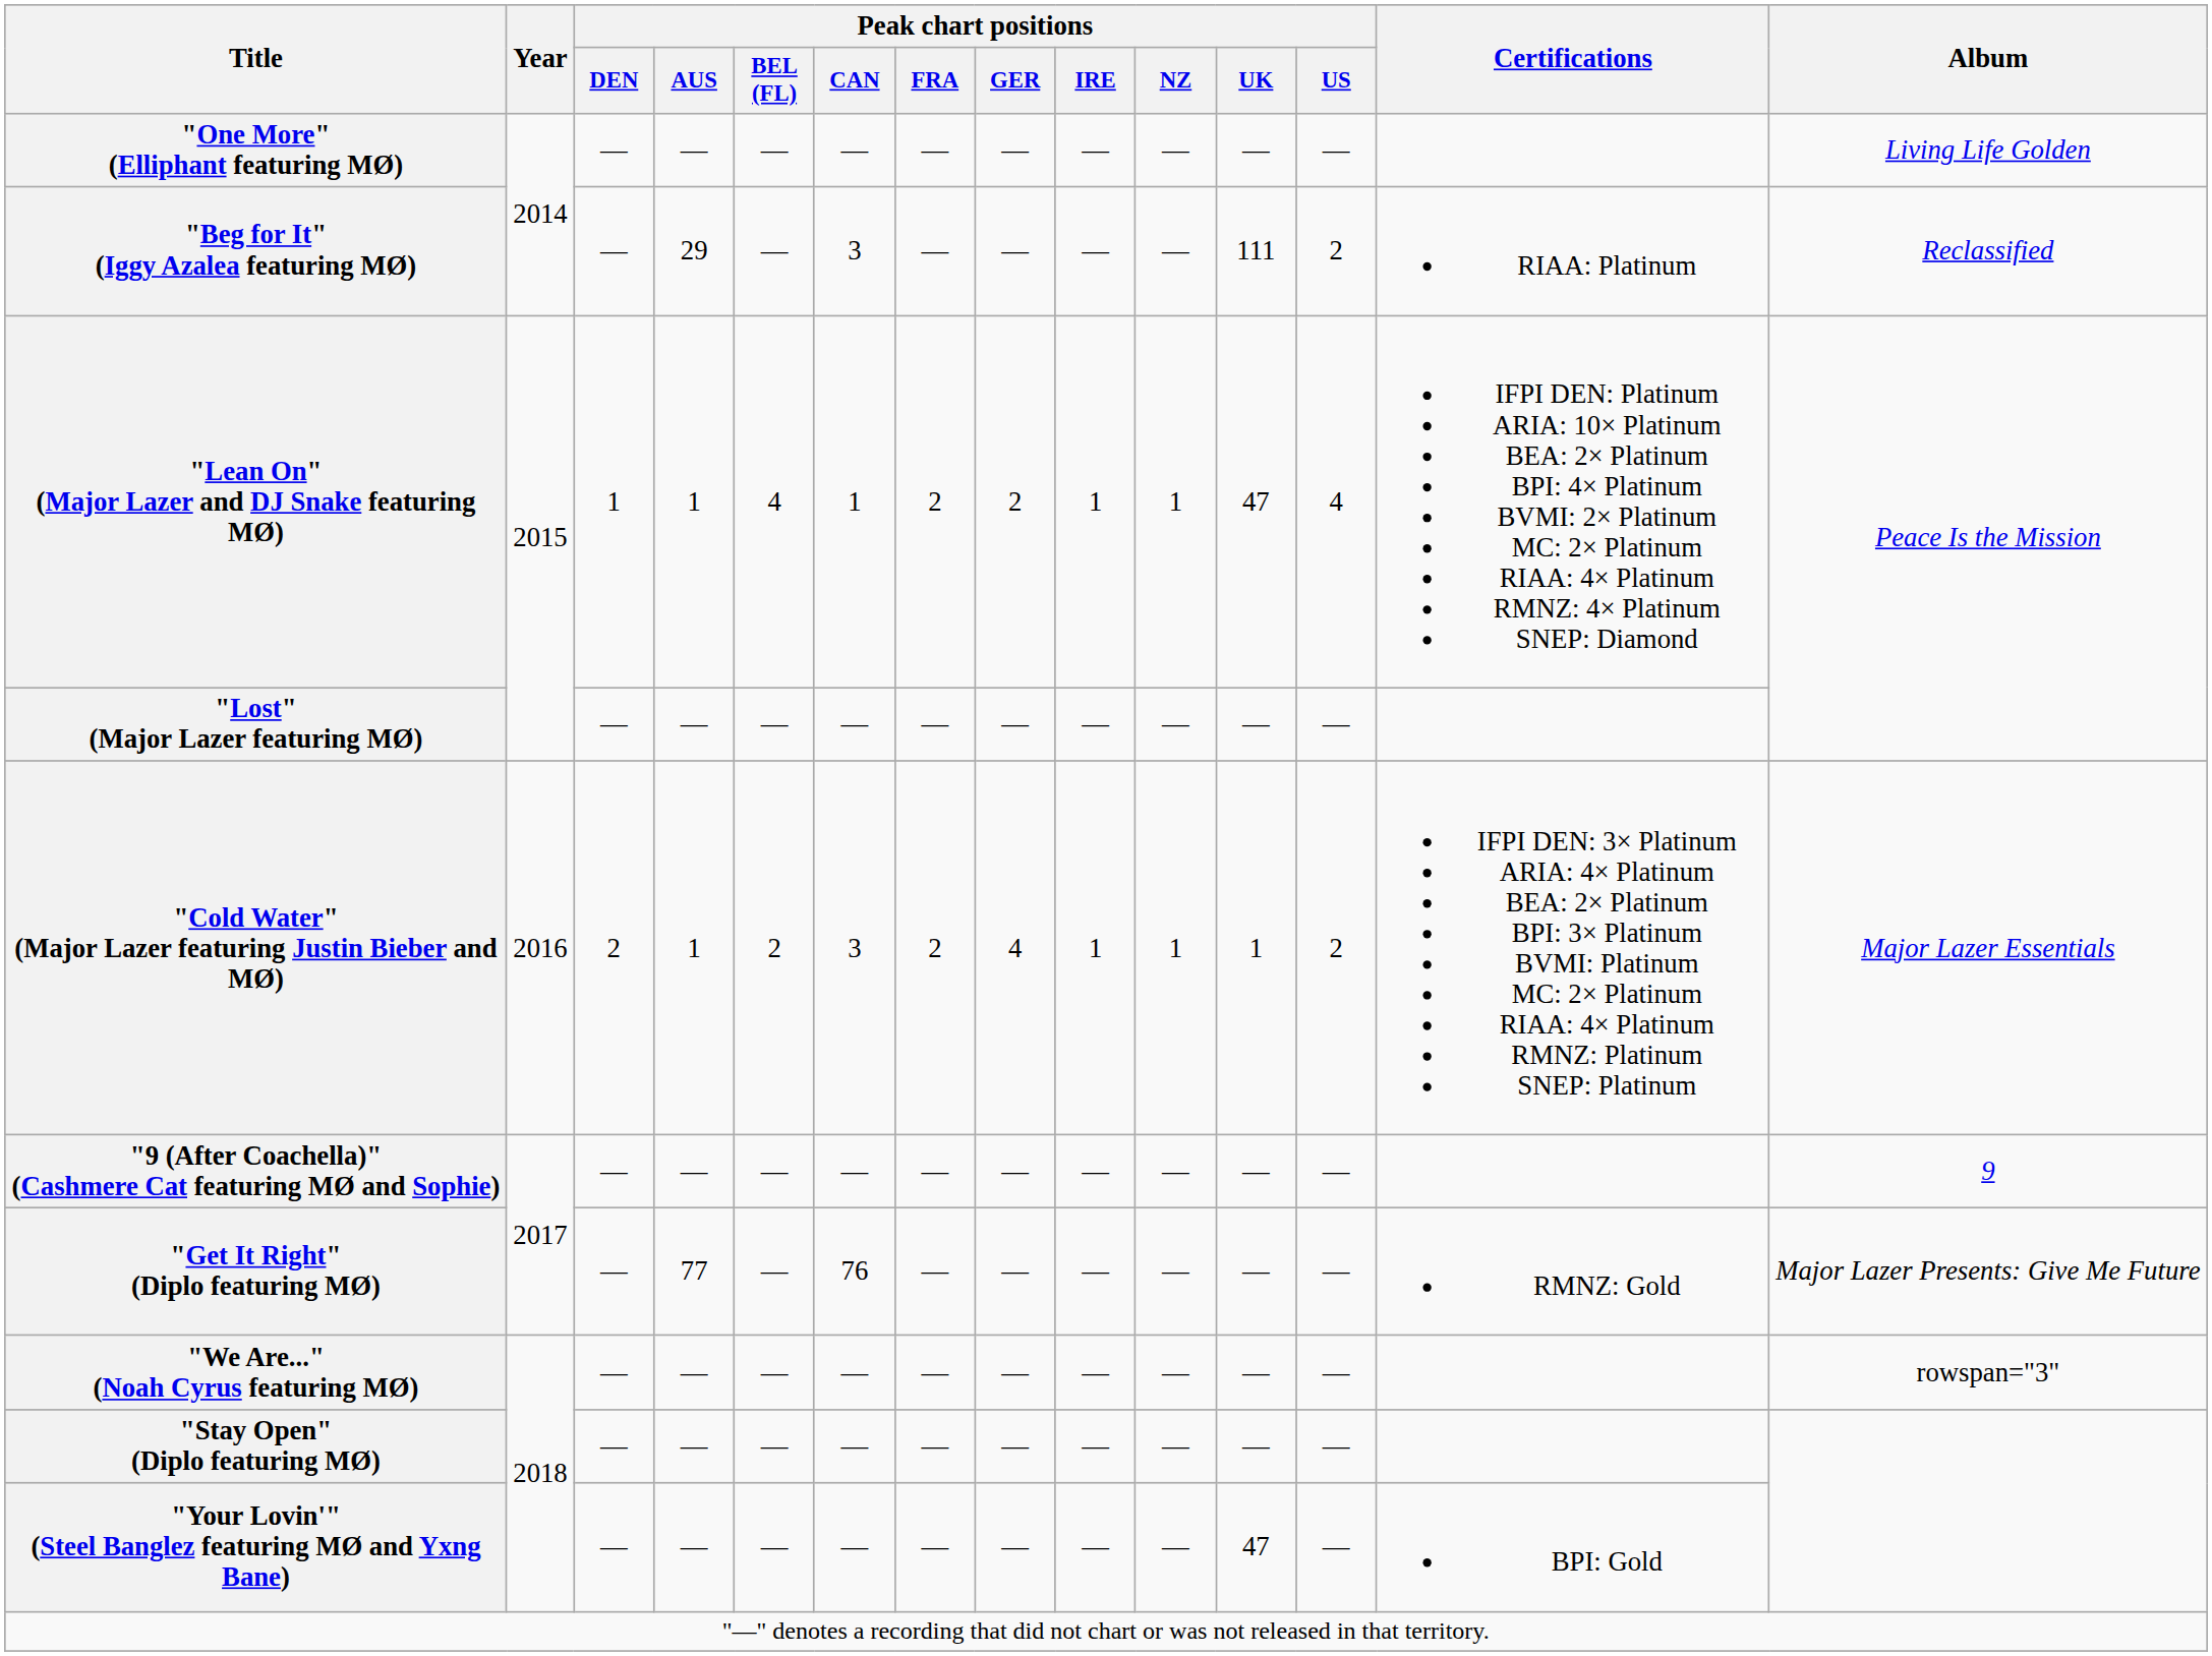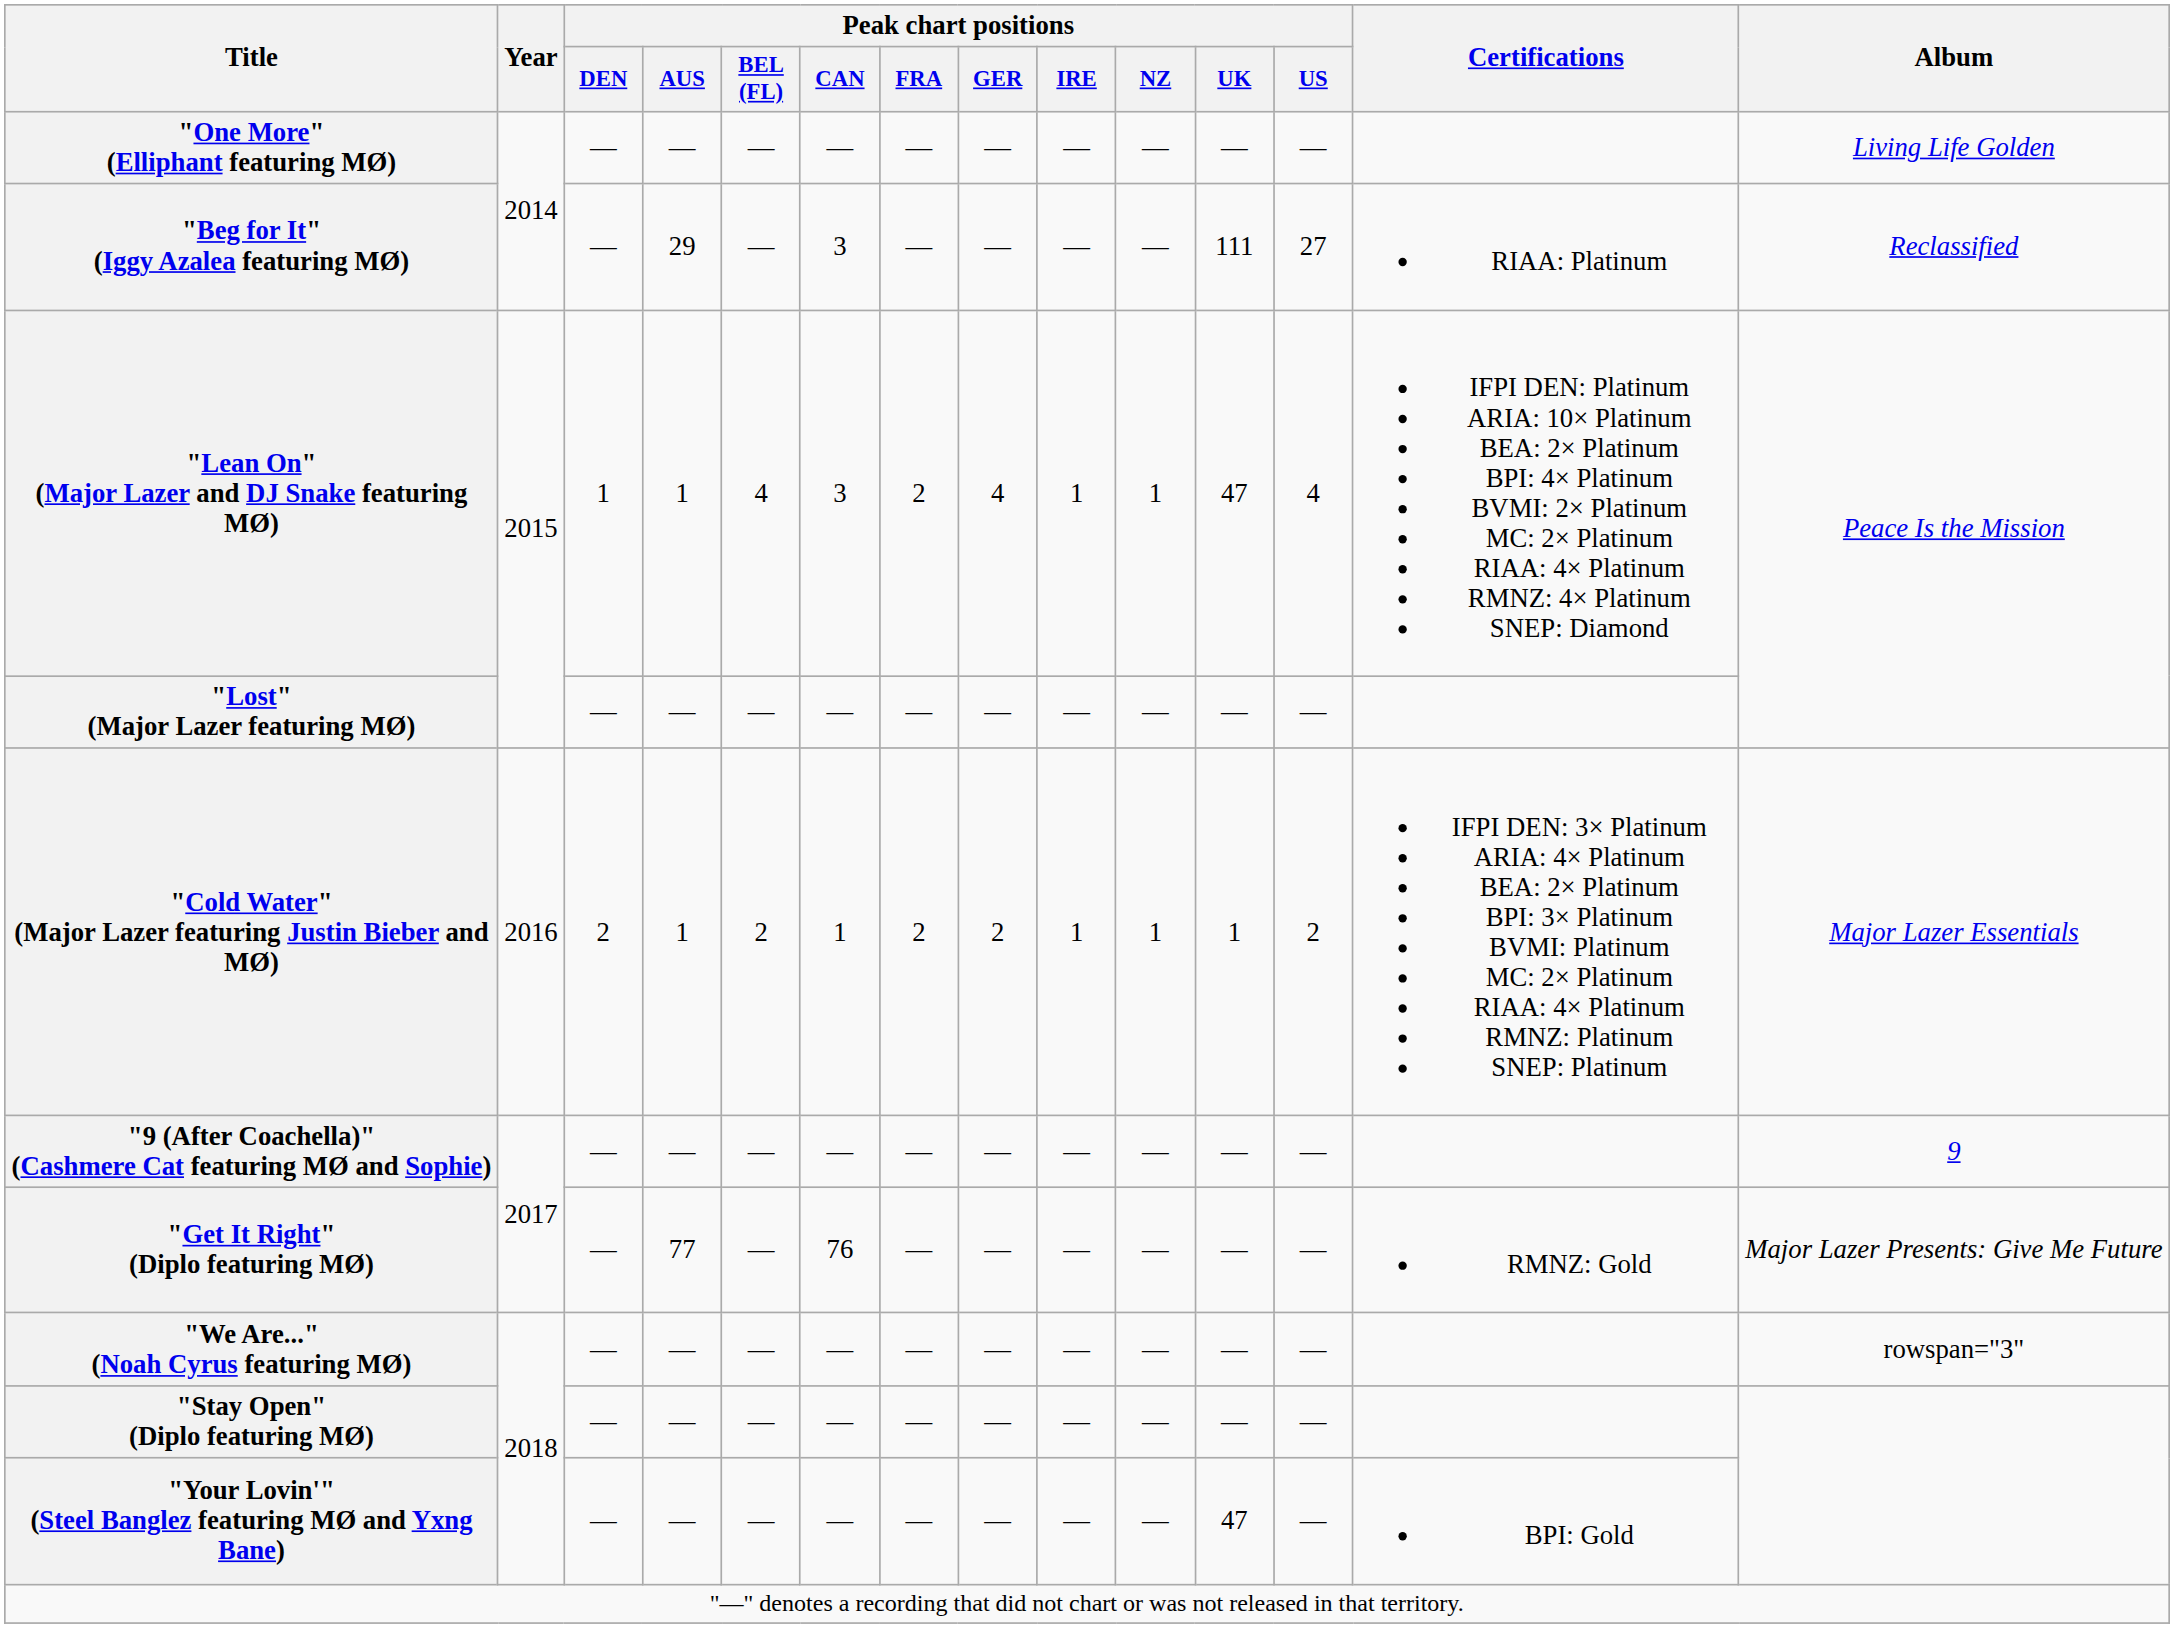 <table class="wikitable plainrowheaders" style="text-align:center;">
 <tr>
 <th scope="col" rowspan="2" style="width:18em;">Title</th>
 <th scope="col" rowspan="2" style="width:1em;">Year</th>
 <th scope="col" colspan="10">Peak chart positions</th>
 <th scope="col" rowspan="2" style="width:14em;"><a href='#'>Certifications</a></th>
 <th scope="col" rowspan="2">Album</th>
 </tr>
 <tr>
 <th scope="col" style="width:3em;font-size:85%;"><a href='#'>DEN</a><br></th>
 <th scope="col" style="width:3em;font-size:85%;"><a href='#'>AUS</a><br></th>
 <th scope="col" style="width:3em;font-size:85%;"><a href='#'>BEL<br>(FL)</a><br></th>
 <th scope="col" style="width:3em;font-size:85%;"><a href='#'>CAN</a><br></th>
 <th scope="col" style="width:3em;font-size:85%;"><a href='#'>FRA</a><br></th>
 <th scope="col" style="width:3em;font-size:85%;"><a href='#'>GER</a><br></th>
 <th scope="col" style="width:3em;font-size:85%;"><a href='#'>IRE</a><br></th>
 <th scope="col" style="width:3em;font-size:85%;"><a href='#'>NZ</a><br></th>
 <th scope="col" style="width:3em;font-size:85%;"><a href='#'>UK</a><br></th>
 <th scope="col" style="width:3em;font-size:85%;"><a href='#'>US</a><br></th>
 </tr>
 <tr>
 <th scope="row">"<a href='#'>One More</a>"<br><span>(<a href='#'>Elliphant</a> featuring MØ)</span></th>
 <td rowspan="2">2014</td>
 <td>—</td>
 <td>—</td>
 <td>—</td>
 <td>—</td>
 <td>—</td>
 <td>—</td>
 <td>—</td>
 <td>—</td>
 <td>—</td>
 <td>—</td>
 <td></td>
 <td><em><a href='#'>Living Life Golden</a></em></td>
 </tr>
 <tr>
 <th scope="row">"<a href='#'>Beg for It</a>"<br><span>(<a href='#'>Iggy Azalea</a> featuring MØ)</span></th>
 <td>—</td>
 <td>29</td>
 <td>—</td>
 <td>3</td>
 <td>—</td>
 <td>—</td>
 <td>—</td>
 <td>—</td>
 <td>111</td>
-<td>2</td>
+<td>27</td>
 <td><br><ul><li>RIAA: Platinum</li></ul></td>
 <td><em><a href='#'>Reclassified</a></em></td>
 </tr>
 <tr>
 <th scope="row">"<a href='#'>Lean On</a>"<br><span>(<a href='#'>Major Lazer</a> and <a href='#'>DJ Snake</a> featuring MØ)</span></th>
 <td rowspan="2">2015</td>
 <td>1</td>
 <td>1</td>
 <td>4</td>
-<td>1</td>
+<td>3</td>
 <td>2</td>
-<td>2</td>
+<td>4</td>
 <td>1</td>
 <td>1</td>
 <td>47</td>
 <td>4</td>
 <td><br><ul><li>IFPI DEN: Platinum</li><li>ARIA: 10× Platinum</li><li>BEA: 2×  Platinum</li><li>BPI: 4× Platinum</li><li>BVMI: 2× Platinum</li><li>MC: 2× Platinum</li><li>RIAA: 4× Platinum</li><li>RMNZ: 4× Platinum</li><li>SNEP: Diamond</li></ul></td>
 <td rowspan="2"><em><a href='#'>Peace Is the Mission</a></em></td>
 </tr>
 <tr>
 <th scope="row">"<a href='#'>Lost</a>"<br><span>(Major Lazer featuring MØ)</span></th>
 <td>—</td>
 <td>—</td>
 <td>—</td>
 <td>—</td>
 <td>—</td>
 <td>—</td>
 <td>—</td>
 <td>—</td>
 <td>—</td>
 <td>—</td>
 <td></td>
 </tr>
 <tr>
 <th scope="row">"<a href='#'>Cold Water</a>"<br><span>(Major Lazer featuring <a href='#'>Justin Bieber</a> and MØ)</span></th>
 <td>2016</td>
 <td>2</td>
 <td>1</td>
 <td>2</td>
-<td>3</td>
+<td>1</td>
 <td>2</td>
-<td>4</td>
+<td>2</td>
 <td>1</td>
 <td>1</td>
 <td>1</td>
 <td>2</td>
 <td><br><ul><li>IFPI DEN: 3× Platinum</li><li>ARIA: 4× Platinum</li><li>BEA: 2×  Platinum</li><li>BPI: 3× Platinum</li><li>BVMI: Platinum</li><li>MC: 2× Platinum</li><li>RIAA: 4× Platinum</li><li>RMNZ: Platinum</li><li>SNEP: Platinum</li></ul></td>
 <td><em><a href='#'>Major Lazer Essentials</a></em></td>
 </tr>
 <tr>
 <th scope="row">"9 (After Coachella)" <br><span> (<a href='#'>Cashmere Cat</a> featuring MØ and <a href='#'>Sophie</a>)</span></th>
 <td rowspan="2">2017</td>
 <td>—</td>
 <td>—</td>
 <td>—</td>
 <td>—</td>
 <td>—</td>
 <td>—</td>
 <td>—</td>
 <td>—</td>
 <td>—</td>
 <td>—</td>
 <td></td>
 <td><em><a href='#'>9</a></em></td>
 </tr>
 <tr>
 <th scope="row">"<a href='#'>Get It Right</a>" <br><span> (Diplo featuring MØ)</span></th>
 <td>—</td>
 <td>77</td>
 <td>—</td>
 <td>76</td>
 <td>—</td>
 <td>—</td>
 <td>—</td>
 <td>—</td>
 <td>—</td>
 <td>—</td>
 <td><br><ul><li>RMNZ: Gold</li></ul></td>
 <td><em>Major Lazer Presents: Give Me Future</em></td>
 </tr>
 <tr>
 <th scope="row">"We Are..." <br><span> (<a href='#'>Noah Cyrus</a> featuring MØ)</span></th>
 <td rowspan="3">2018</td>
 <td>—</td>
 <td>—</td>
 <td>—</td>
 <td>—</td>
 <td>—</td>
 <td>—</td>
 <td>—</td>
 <td>—</td>
 <td>—</td>
 <td>—</td>
 <td></td>
 <td>rowspan="3" </td>
 </tr>
 <tr>
 <th scope="row">"Stay Open"<br><span>(Diplo featuring MØ)</span></th>
 <td>—</td>
 <td>—</td>
 <td>—</td>
 <td>—</td>
 <td>—</td>
 <td>—</td>
 <td>—</td>
 <td>—</td>
 <td>—</td>
 <td>—</td>
 <td></td>
 </tr>
 <tr>
 <th scope="row">"Your Lovin'"<br><span>(<a href='#'>Steel Banglez</a> featuring MØ and <a href='#'>Yxng Bane</a>)</span></th>
 <td>—</td>
 <td>—</td>
 <td>—</td>
 <td>—</td>
 <td>—</td>
 <td>—</td>
 <td>—</td>
 <td>—</td>
 <td>47</td>
 <td>—</td>
 <td><br><ul><li>BPI: Gold</li></ul></td>
 </tr>
 <tr>
 <td colspan="15" style="font-size:90%">"—" denotes a recording that did not chart or was not released in that territory.</td>
 </tr>
 </table>
